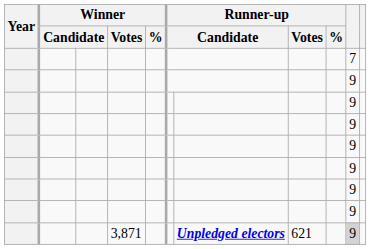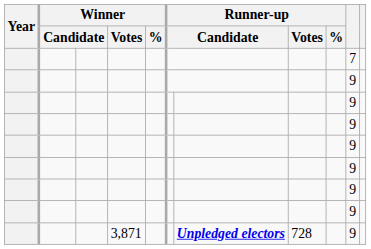 <table class="wikitable sortable">
 <tr>
 <th scope=col rowspan="2">Year</th>
 <th scope="colgroup" style="border-left:3px solid darkgray;" colspan="4">Winner</th>
 <th scope="colgroup" style="border-left:3px solid darkgray;" colspan="4">Runner-up</th>
 <th scope="col" class="unsortable" rowspan="2"></th>
 <th scope="col" class="unsortable" rowspan="2"></th>
 </tr>
 <tr>
 <th scope="colgroup" style="border-left:3px solid darkgray;" colspan="2">Candidate</th>
 <th scope="col" data-sort-type="number">Votes</th>
 <th scope="col"  data-sort-type="number">%</th>
 <th scope="colgroup" style="border-left:3px solid darkgray;" colspan="2">Candidate</th>
 <th scope="col"  data-sort-type="number">Votes</th>
 <th scope="col"  data-sort-type="number">%</th>
 </tr>
 <tr>
 <th scope="row"> </th>
 <td style="text-align:left; border-left:3px solid darkgray; background-color:"></td>
 <td><strong></strong> </td>
 <td></td>
 <td></td>
 <td style="border-left:3px solid darkgray;"colspan="2"></td>
 <td></td>
 <td></td>
 <td>7</td>
 <td></td>
 </tr>
 <tr>
 <th scope="row"> </th>
 <td style="text-align:left; border-left:3px solid darkgray; background-color:"></td>
 <td><strong></strong> </td>
 <td></td>
 <td></td>
 <td style="border-left:3px solid darkgray;"colspan="2"></td>
 <td></td>
 <td></td>
 <td>9</td>
 <td></td>
 </tr>
 <tr>
 <th scope="row"> </th>
 <td style="text-align:left; border-left:3px solid darkgray; background-color:"></td>
 <td><strong></strong> </td>
 <td></td>
 <td></td>
 <td style="text-align:left; border-left:3px solid darkgray; background-color:"></td>
 <td> </td>
 <td></td>
 <td></td>
 <td>9</td>
 <td></td>
 </tr>
 <tr>
 <th scope="row"> </th>
 <td style="text-align:left; border-left:3px solid darkgray; background-color:"></td>
 <td><strong></strong> </td>
 <td></td>
 <td></td>
 <td style="text-align:left; border-left:3px solid darkgray; background-color:"></td>
 <td> </td>
 <td></td>
 <td></td>
 <td>9</td>
 <td></td>
 </tr>
 <tr>
 <th scope="row"> </th>
 <td style="text-align:left; border-left:3px solid darkgray; background-color:"></td>
 <td><strong></strong> </td>
 <td></td>
 <td></td>
 <td style="text-align:left; border-left:3px solid darkgray; background-color:"></td>
 <td> </td>
 <td></td>
 <td></td>
 <td>9</td>
 <td></td>
 </tr>
 <tr>
 <th scope="row"> </th>
 <td style="text-align:left; border-left:3px solid darkgray; background-color:"></td>
 <td><strong></strong> </td>
 <td></td>
 <td></td>
 <td style="text-align:left; border-left:3px solid darkgray; background-color:"></td>
 <td> </td>
 <td></td>
 <td></td>
 <td>9</td>
 <td></td>
 </tr>
 <tr>
 <th scope="row"> </th>
 <td style="text-align:left; border-left:3px solid darkgray; background-color:"></td>
 <td><strong></strong> </td>
 <td></td>
 <td></td>
 <td style="text-align:left; border-left:3px solid darkgray; background-color:"></td>
 <td> </td>
 <td></td>
 <td></td>
 <td>9</td>
 <td></td>
 </tr>
 <tr>
 <th scope="row"> </th>
 <td style="text-align:left; border-left:3px solid darkgray; background-color:"></td>
 <td><strong></strong> </td>
 <td></td>
 <td></td>
 <td style="text-align:left; border-left:3px solid darkgray; background-color:"></td>
 <td> </td>
 <td></td>
 <td></td>
 <td>9</td>
 <td></td>
 </tr>
 <tr>
 <th scope="row"> </th>
 <td style="text-align:left; border-left:3px solid darkgray; background-color:"></td>
 <td><strong></strong> </td>
 <td>3,871</td>
 <td></td>
 <td style="text-align:left; border-left:3px solid darkgray; background-color:"></td>
 <td><strong><em><a href='#'>Unpledged electors</a></em> </strong></td>
-<td>621</td>
+<td>728</td>
 <td></td>
-<td style="background: lightgrey;">9</td>
+<td>9</td>
 <td></td>
 </tr>
 </table>
